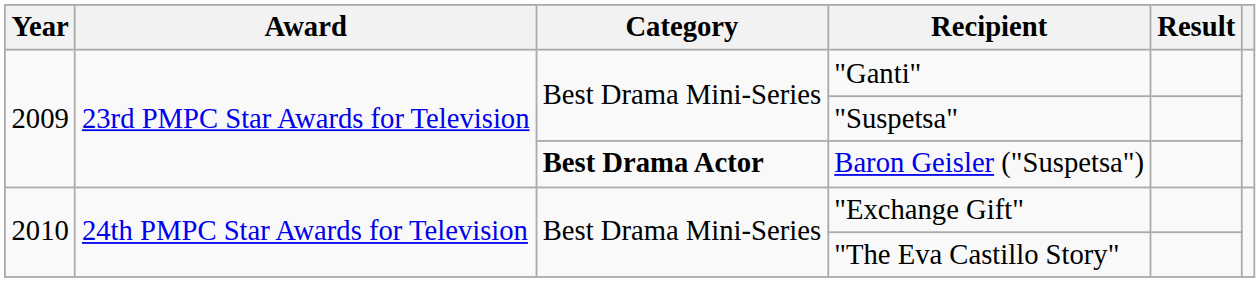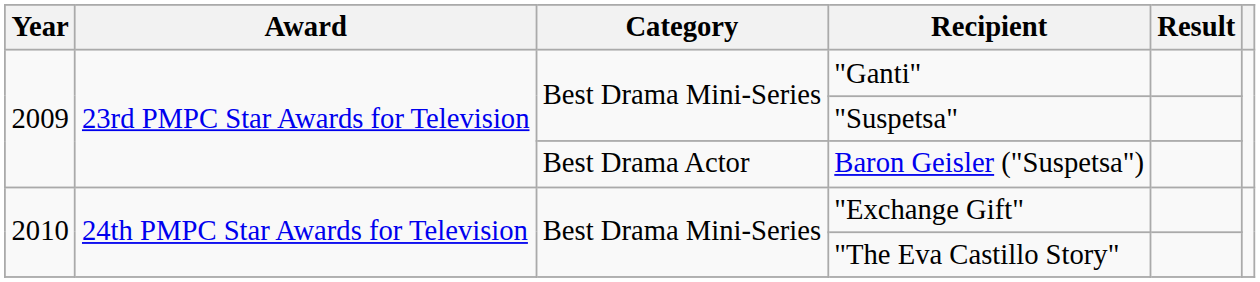 <table class="wikitable">
 <tr>
 <th>Year</th>
 <th>Award</th>
 <th>Category</th>
 <th>Recipient</th>
 <th>Result</th>
 <th></th>
 </tr>
 <tr>
 <td rowspan=3>2009</td>
 <td rowspan=3><a href='#'>23rd PMPC Star Awards for Television</a></td>
 <td rowspan=2>Best Drama Mini-Series</td>
 <td>"Ganti"</td>
 <td></td>
 <td rowspan=3></td>
 </tr>
 <tr>
 <td>"Suspetsa"</td>
 <td></td>
 </tr>
 <tr>
-<td><strong>Best Drama Actor</strong></td>
+<td>Best Drama Actor</td>
 <td><a href='#'>Baron Geisler</a> ("Suspetsa")</td>
 <td></td>
 </tr>
 <tr>
 <td rowspan=2>2010</td>
 <td rowspan=2><a href='#'>24th PMPC Star Awards for Television</a></td>
 <td rowspan=2>Best Drama Mini-Series</td>
 <td>"Exchange Gift"</td>
 <td></td>
 <td rowspan=2></td>
 </tr>
 <tr>
 <td>"The Eva Castillo Story"</td>
 <td></td>
 </tr>
 </table>
